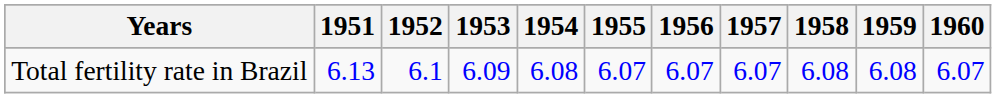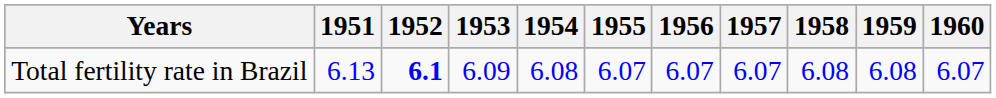 <table class="wikitable " style="text-align:right">
 <tr>
 <th>Years</th>
 <th>1951</th>
 <th>1952</th>
 <th>1953</th>
 <th>1954</th>
 <th>1955</th>
 <th>1956</th>
 <th>1957</th>
 <th>1958</th>
 <th>1959</th>
 <th>1960</th>
 </tr>
 <tr>
 <td align="left">Total fertility rate in Brazil</td>
 <td style="text-align:right; color:blue;">6.13</td>
-<td style="text-align:right; color:blue;">6.1</td>
+<td style="text-align:right; color:blue;"><strong>6.1</strong></td>
 <td style="text-align:right; color:blue;">6.09</td>
 <td style="text-align:right; color:blue;">6.08</td>
 <td style="text-align:right; color:blue;">6.07</td>
 <td style="text-align:right; color:blue;">6.07</td>
 <td style="text-align:right; color:blue;">6.07</td>
 <td style="text-align:right; color:blue;">6.08</td>
 <td style="text-align:right; color:blue;">6.08</td>
 <td style="text-align:right; color:blue;">6.07</td>
 </tr>
 </table>
